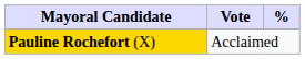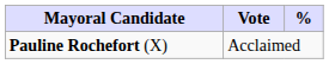 <table class="wikitable">
 <tr>
 <th style="background:#ddf; width:200px;">Mayoral Candidate</th>
 <th style="background:#ddf; width:50px;">Vote</th>
 <th style="background:#ddf; width:30px;">%</th>
 </tr>
 <tr>
-<td style="background: gold;"><strong>Pauline Rochefort</strong> (X)</td>
+<td><strong>Pauline Rochefort</strong> (X)</td>
 <td colspan="2">Acclaimed</td>
 </tr>
 </table>
